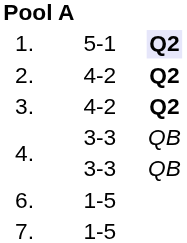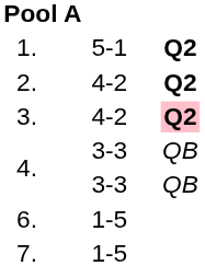 <table style="text-align:center">
 <tr>
 <td colspan=4 align=left><strong>Pool A</strong></td>
 </tr>
 <tr>
 <td width=30>1.</td>
 <td align=left></td>
 <td width=60>5-1</td>
-<td style="background: lavender;"><strong>Q2</strong></td>
+<td><strong>Q2</strong></td>
 </tr>
 <tr>
 <td>2.</td>
 <td align=left></td>
 <td>4-2</td>
 <td><strong>Q2</strong></td>
 </tr>
 <tr>
 <td>3.</td>
 <td align=left></td>
 <td>4-2</td>
-<td><strong>Q2</strong></td>
+<td style="background: pink;"><strong>Q2</strong></td>
 </tr>
 <tr>
 <td rowspan=2>4.</td>
 <td align=left></td>
 <td>3-3</td>
 <td><em>QB</em></td>
 </tr>
 <tr>
 <td align=left></td>
 <td>3-3</td>
 <td><em>QB</em></td>
 </tr>
 <tr>
 <td>6.</td>
 <td align=left></td>
 <td>1-5</td>
 <td></td>
 </tr>
 <tr>
 <td>7.</td>
 <td align=left></td>
 <td>1-5</td>
 <td></td>
 </tr>
 </table>
